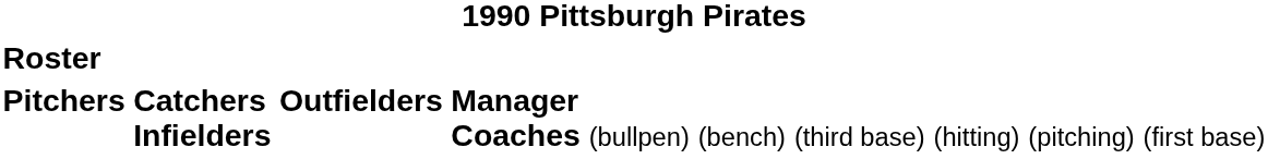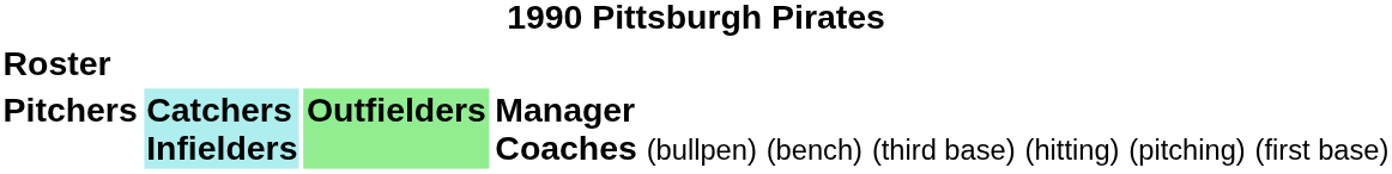 <table class="toccolours" style="font-size: 95%;">
 <tr>
 <th colspan="10">1990 Pittsburgh Pirates</th>
 </tr>
 <tr>
 <td colspan="10"><strong>Roster</strong></td>
 </tr>
 <tr>
 <td valign="top"><strong>Pitchers</strong><br>                      </td>
-<td valign="top"><strong>Catchers</strong><br>    <strong>Infielders</strong>           </td>
-<td valign="top"><strong>Outfielders</strong><br>        </td>
+<td valign="top" style="background: paleturquoise;"><strong>Catchers</strong><br>    <strong>Infielders</strong>           </td>
+<td valign="top" style="background: lightgreen;"><strong>Outfielders</strong><br>        </td>
 <td valign="top"><strong>Manager</strong><br> <strong>Coaches</strong>  <small>(bullpen)</small>  <small>(bench)</small>  <small>(third base)</small>  <small>(hitting)</small>  <small>(pitching)</small>  <small>(first base)</small></td>
 </tr>
 </table>
